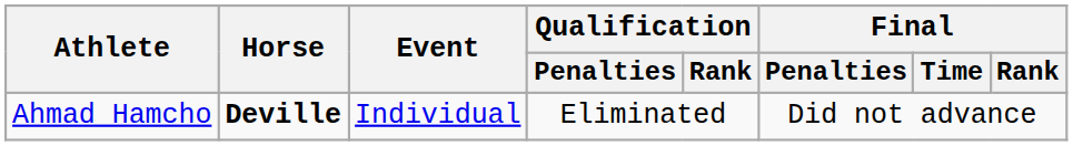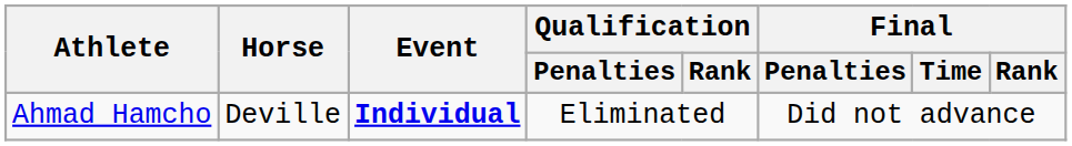 <table class="wikitable" style="font-size:90%">
 <tr>
 <th rowspan="2">Athlete</th>
 <th rowspan="2">Horse</th>
 <th rowspan="2">Event</th>
 <th colspan="2">Qualification</th>
 <th colspan="3">Final</th>
 </tr>
 <tr style="font-size:95%">
 <th>Penalties</th>
 <th>Rank</th>
 <th>Penalties</th>
 <th>Time</th>
 <th>Rank</th>
 </tr>
 <tr align=center>
 <td align=left><a href='#'>Ahmad Hamcho</a></td>
-<td align=left><strong>Deville</strong></td>
-<td align=left><a href='#'>Individual</a></td>
+<td align=left>Deville</td>
+<td align=left><strong><a href='#'>Individual</a></strong></td>
 <td colspan="2">Eliminated</td>
 <td colspan="3">Did not advance</td>
 </tr>
 </table>
